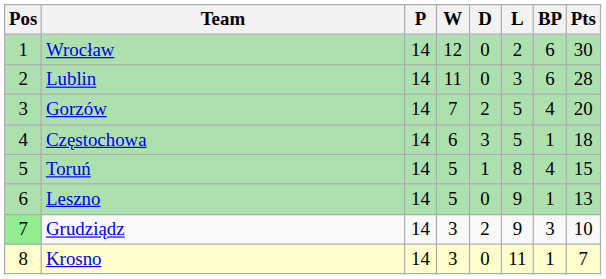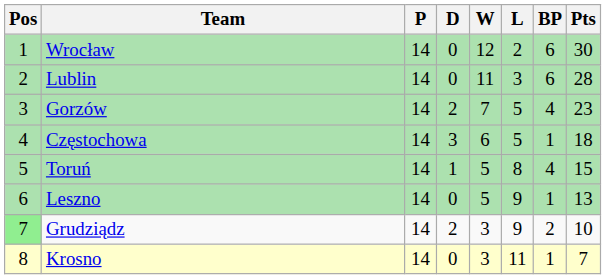 <table class="wikitable" style="font-size: 100%">
 <tr>
 <th width=20>Pos</th>
 <th width=300>Team</th>
 <th width=20>P</th>
+<th width=20>D</th>
 <th width=20>W</th>
-<th width=20>D</th>
 <th width=20>L</th>
 <th width=20>BP</th>
 <th width=20>Pts</th>
 </tr>
 <tr align=center style="background:#ACE1AF;">
 <td>1</td>
 <td align="left"><a href='#'>Wrocław</a></td>
 <td>14</td>
+<td>0</td>
 <td>12</td>
-<td>0</td>
 <td>2</td>
 <td>6</td>
 <td>30</td>
 </tr>
 <tr align=center style="background:#ACE1AF;">
 <td>2</td>
 <td align="left"><a href='#'>Lublin</a></td>
 <td>14</td>
+<td>0</td>
 <td>11</td>
-<td>0</td>
 <td>3</td>
 <td>6</td>
 <td>28</td>
 </tr>
 <tr align=center style="background:#ACE1AF;">
 <td>3</td>
 <td align="left"><a href='#'>Gorzów</a></td>
 <td>14</td>
+<td>2</td>
 <td>7</td>
-<td>2</td>
 <td>5</td>
 <td>4</td>
-<td>20</td>
+<td>23</td>
 </tr>
 <tr align=center style="background:#ACE1AF;">
 <td>4</td>
 <td align="left"><a href='#'>Częstochowa</a></td>
 <td>14</td>
+<td>3</td>
 <td>6</td>
-<td>3</td>
 <td>5</td>
 <td>1</td>
 <td>18</td>
 </tr>
 <tr align=center style="background:#ACE1AF;">
 <td>5</td>
 <td align="left"><a href='#'>Toruń</a></td>
 <td>14</td>
+<td>1</td>
 <td>5</td>
-<td>1</td>
 <td>8</td>
 <td>4</td>
 <td>15</td>
 </tr>
 <tr align=center style="background:#ACE1AF;">
 <td>6</td>
 <td align="left"><a href='#'>Leszno</a></td>
 <td>14</td>
+<td>0</td>
 <td>5</td>
-<td>0</td>
 <td>9</td>
 <td>1</td>
 <td>13</td>
 </tr>
 <tr align=center>
 <td style="background: lightgreen;">7</td>
 <td align="left"><a href='#'>Grudziądz</a></td>
 <td>14</td>
+<td>2</td>
 <td>3</td>
+<td>9</td>
 <td>2</td>
-<td>9</td>
-<td>3</td>
 <td>10</td>
 </tr>
 <tr align=center style="background: #ffffcc;">
 <td>8</td>
 <td align="left"><a href='#'>Krosno</a></td>
 <td>14</td>
+<td>0</td>
 <td>3</td>
-<td>0</td>
 <td>11</td>
 <td>1</td>
 <td>7</td>
 </tr>
 </table>
